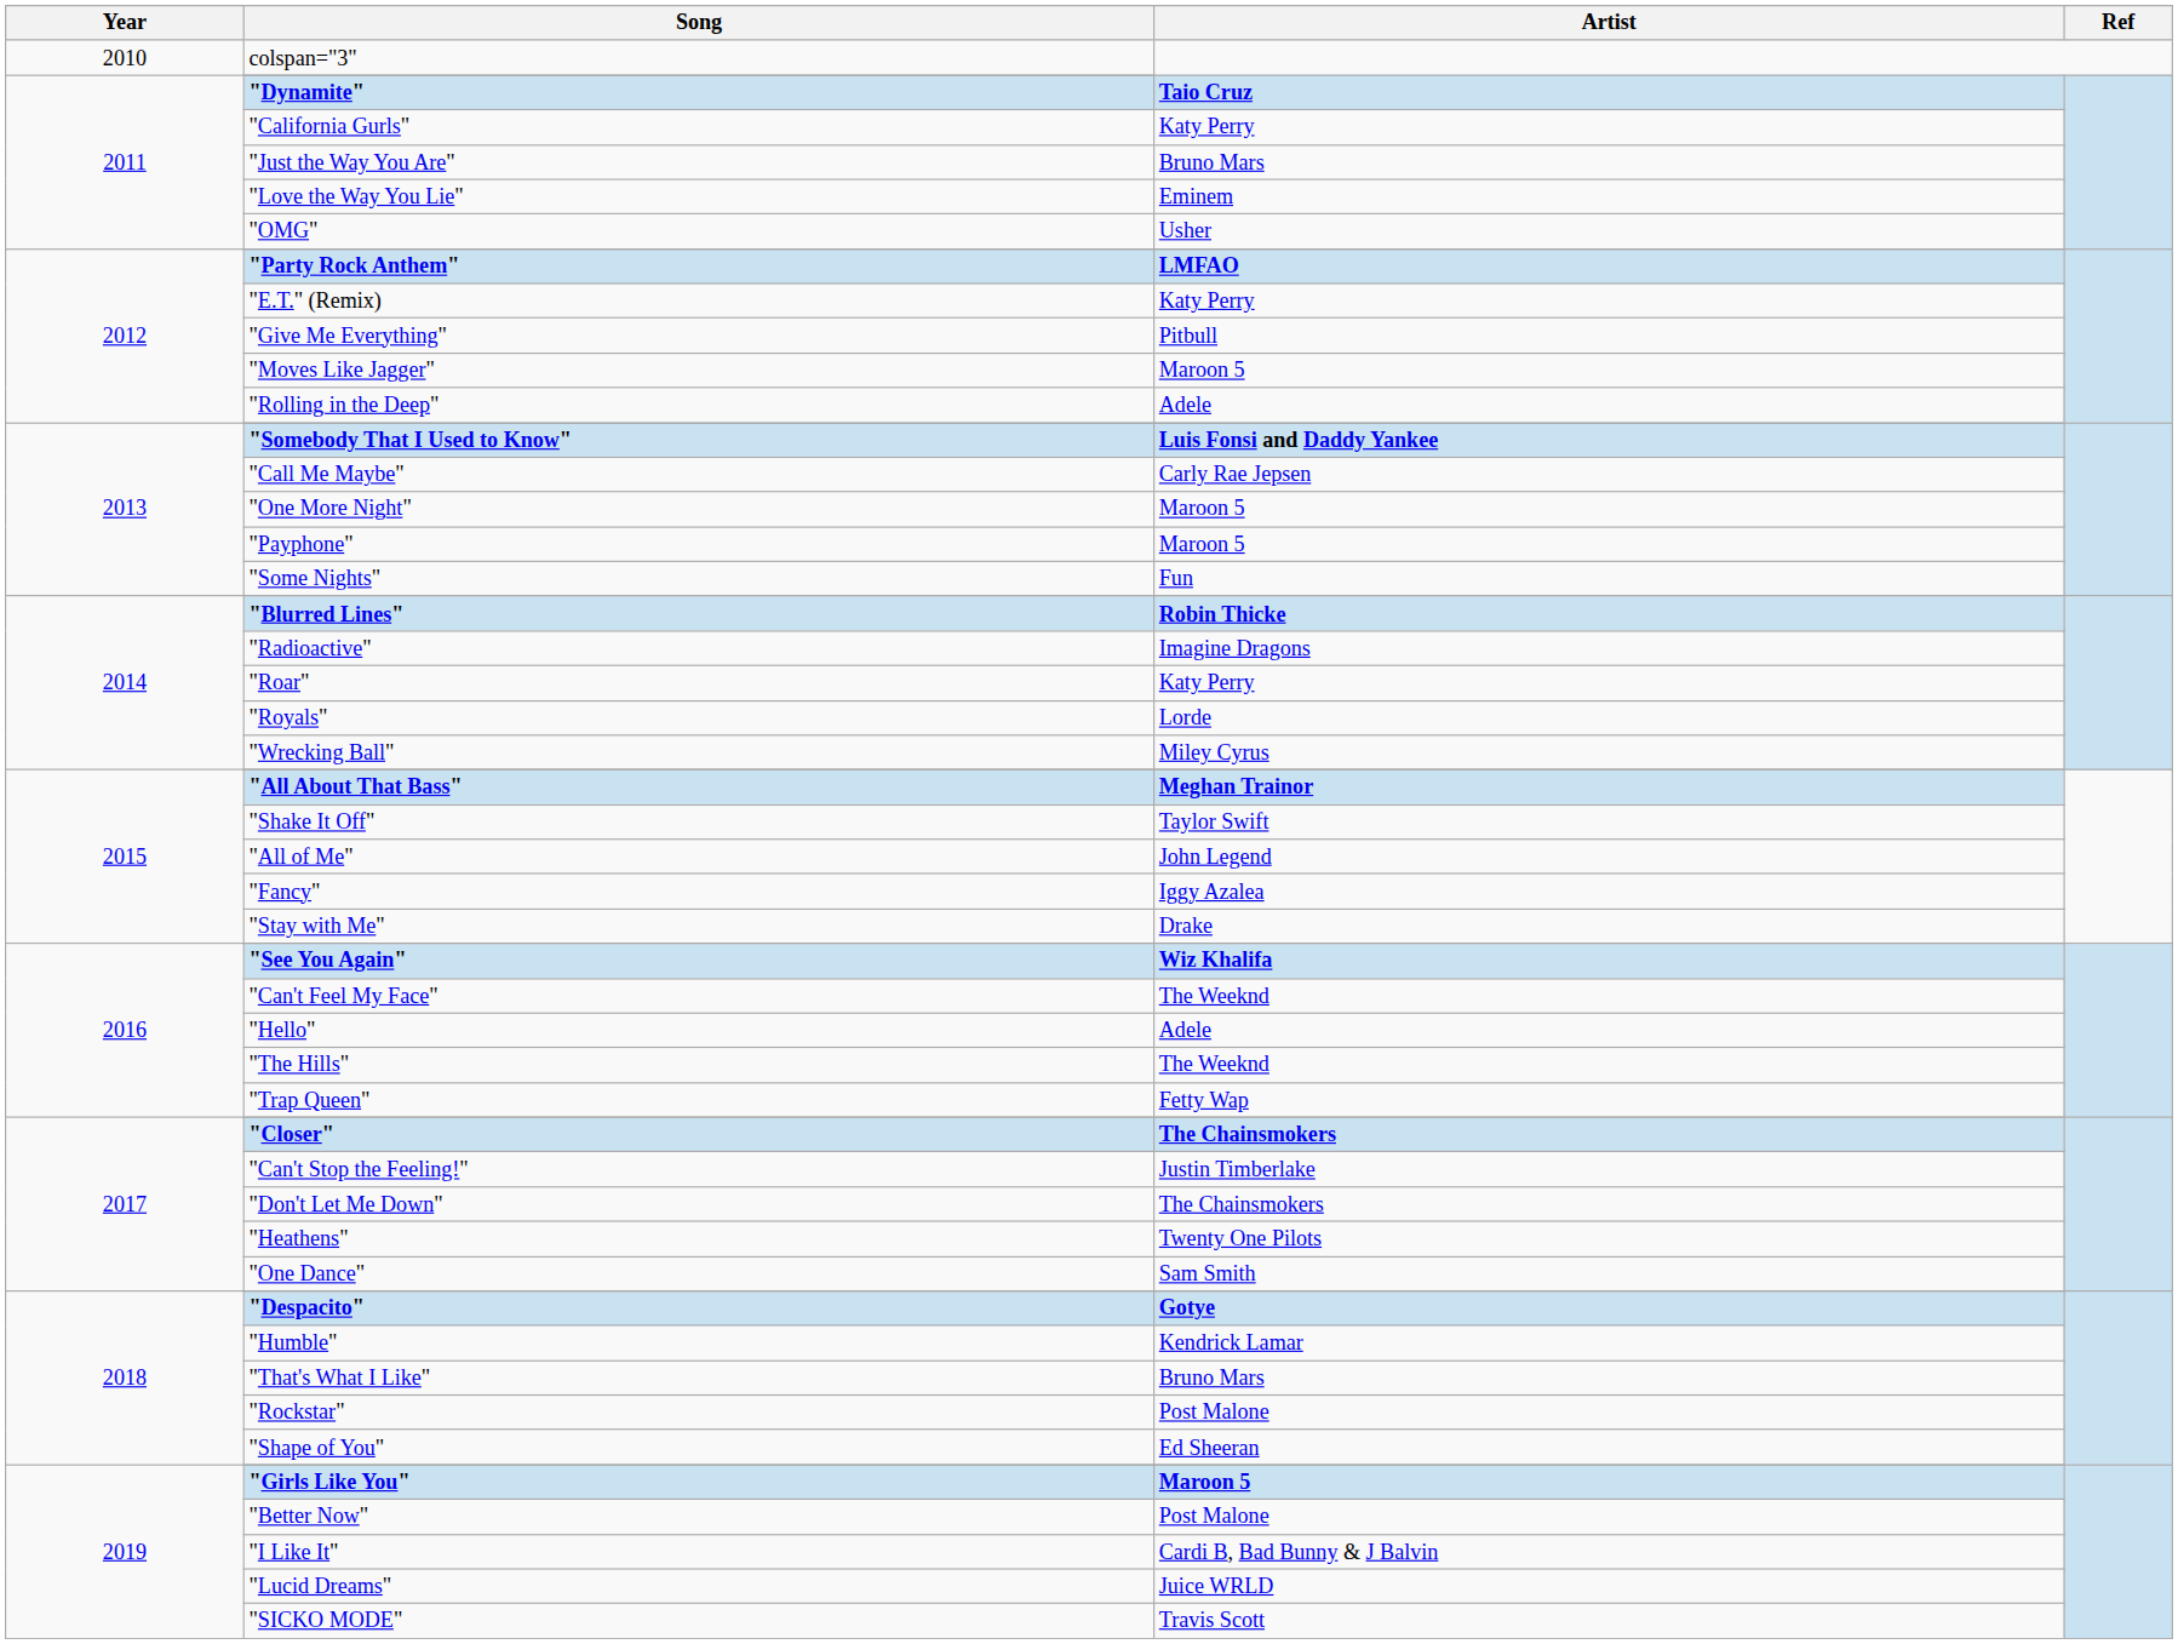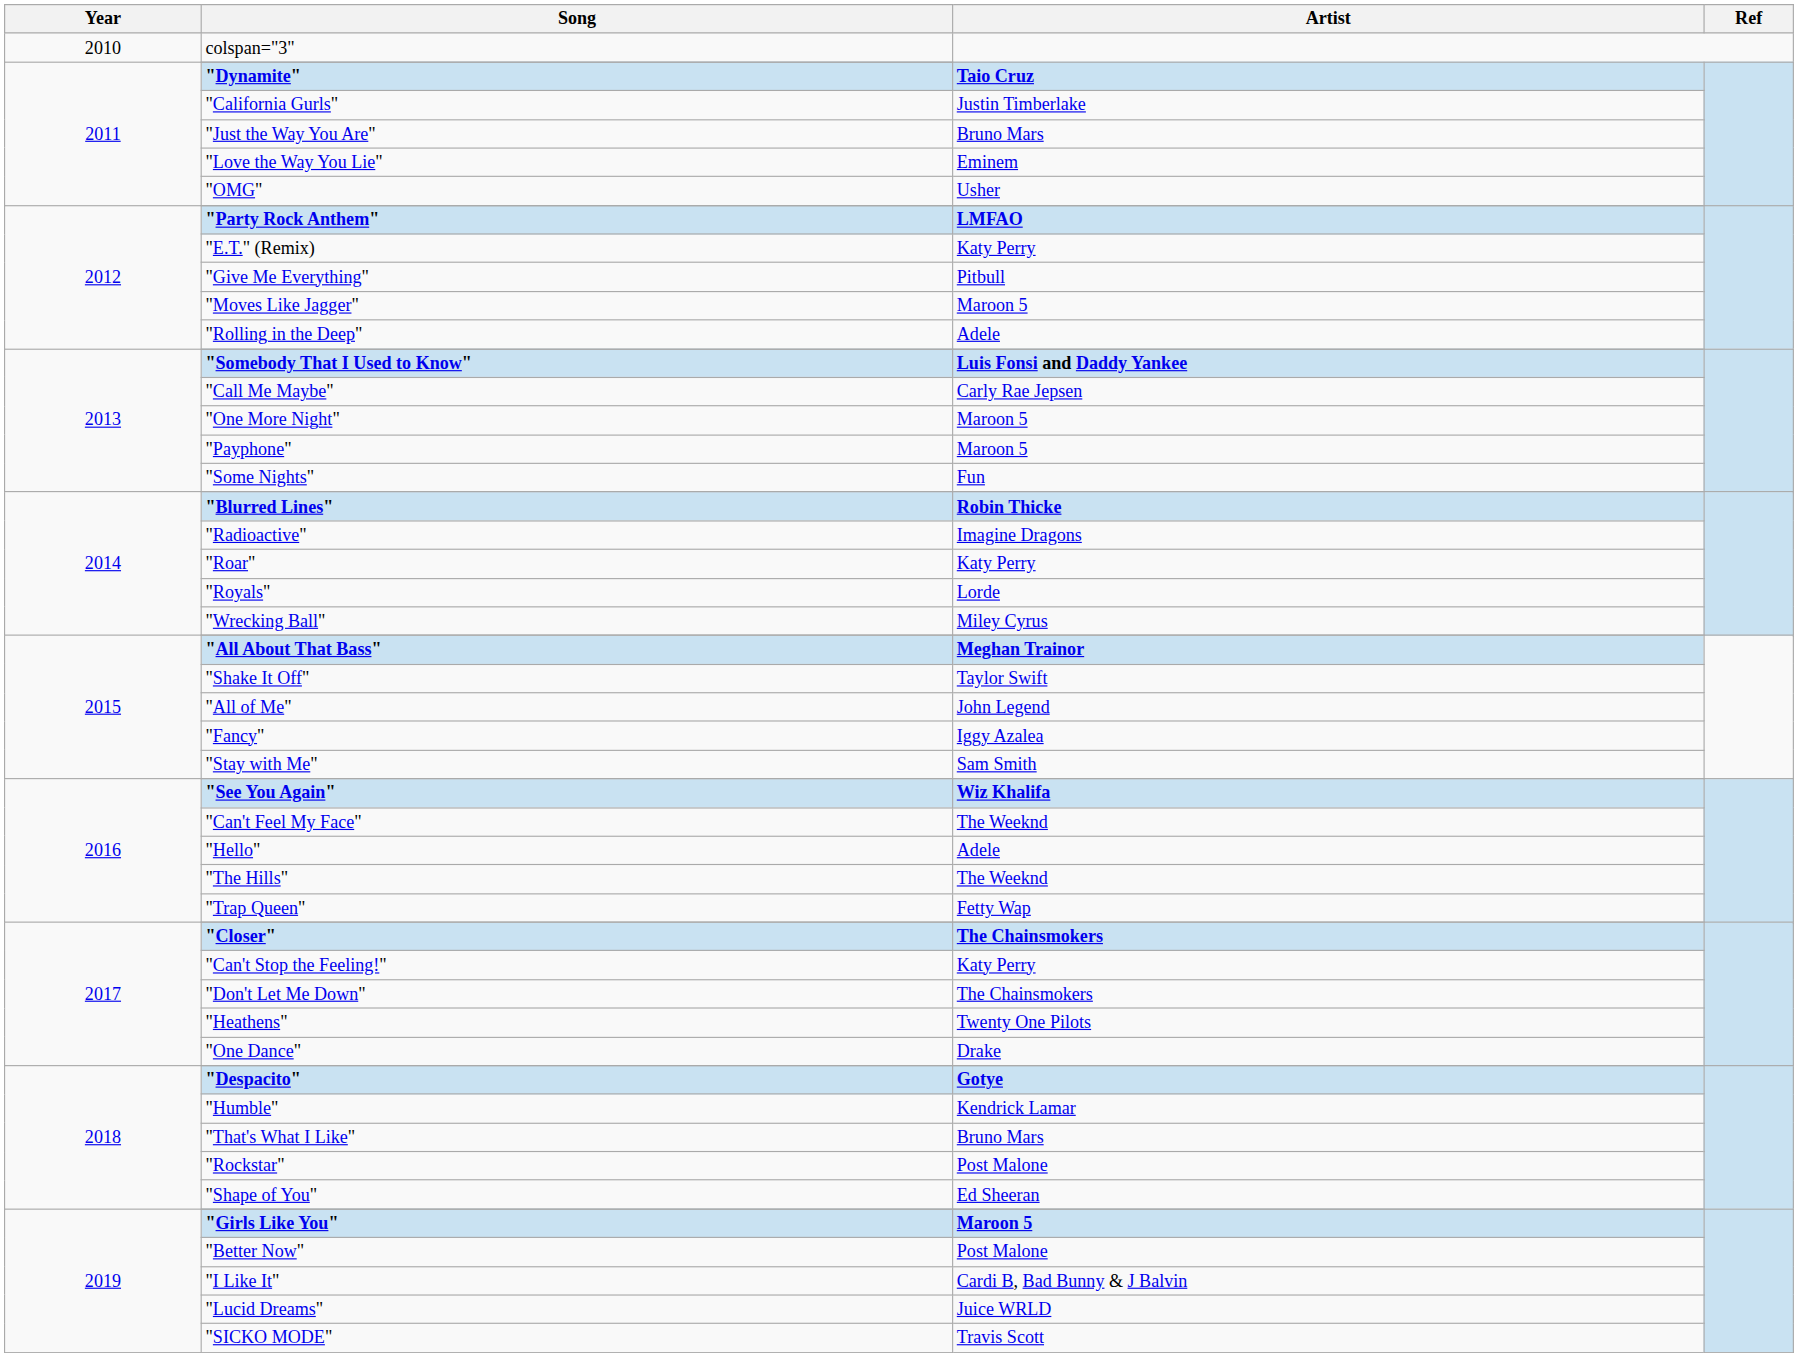 <table class="wikitable" style="width:100%;">
 <tr style="background:#bebebe;">
 <th style="width:11%;">Year</th>
 <th style="width:42%;">Song</th>
 <th style="width:42%;">Artist</th>
 <th style="width:5%;">Ref</th>
 </tr>
 <tr>
 <td align="center">2010</td>
 <td>colspan="3" </td>
 </tr>
 <tr>
 <td rowspan="6" align="center"><a href='#'>2011</a></td>
 </tr>
 <tr style="background:#c9e2f2">
 <td><strong>"<a href='#'>Dynamite</a>"</strong></td>
 <td><strong><a href='#'>Taio Cruz</a></strong></td>
 <td rowspan="6" align="center"></td>
 </tr>
 <tr>
 <td>"<a href='#'>California Gurls</a>"</td>
-<td><a href='#'>Katy Perry</a> </td>
+<td><a href='#'>Justin Timberlake</a></td>
 </tr>
 <tr>
 <td>"<a href='#'>Just the Way You Are</a>"</td>
 <td><a href='#'>Bruno Mars</a></td>
 </tr>
 <tr>
 <td>"<a href='#'>Love the Way You Lie</a>"</td>
 <td><a href='#'>Eminem</a> </td>
 </tr>
 <tr>
 <td>"<a href='#'>OMG</a>"</td>
 <td><a href='#'>Usher</a> </td>
 </tr>
 <tr>
 <td rowspan="6" align="center"><a href='#'>2012</a></td>
 </tr>
 <tr style="background:#c9e2f2">
 <td><strong>"<a href='#'>Party Rock Anthem</a>"</strong></td>
 <td><strong><a href='#'>LMFAO</a> </strong></td>
 <td rowspan="6" align="center"></td>
 </tr>
 <tr>
 <td>"<a href='#'>E.T.</a>" (Remix)</td>
 <td><a href='#'>Katy Perry</a> </td>
 </tr>
 <tr>
 <td>"<a href='#'>Give Me Everything</a>"</td>
 <td><a href='#'>Pitbull</a> </td>
 </tr>
 <tr>
 <td>"<a href='#'>Moves Like Jagger</a>"</td>
 <td><a href='#'>Maroon 5</a> </td>
 </tr>
 <tr>
 <td>"<a href='#'>Rolling in the Deep</a>"</td>
 <td><a href='#'>Adele</a></td>
 </tr>
 <tr>
 <td rowspan="6" align="center"><a href='#'>2013</a></td>
 </tr>
 <tr style="background:#c9e2f2">
 <td><strong>"<a href='#'>Somebody That I Used to Know</a>"</strong></td>
 <td><strong><a href='#'>Luis Fonsi</a> and <a href='#'>Daddy Yankee</a> </strong></td>
 <td rowspan="6" align="center"></td>
 </tr>
 <tr>
 <td>"<a href='#'>Call Me Maybe</a>"</td>
 <td><a href='#'>Carly Rae Jepsen</a></td>
 </tr>
 <tr>
 <td>"<a href='#'>One More Night</a>"</td>
 <td><a href='#'>Maroon 5</a></td>
 </tr>
 <tr>
 <td>"<a href='#'>Payphone</a>"</td>
 <td><a href='#'>Maroon 5</a> </td>
 </tr>
 <tr>
 <td>"<a href='#'>Some Nights</a>"</td>
 <td><a href='#'>Fun</a></td>
 </tr>
 <tr>
 <td rowspan="6" align="center"><a href='#'>2014</a></td>
 </tr>
 <tr style="background:#c9e2f2">
 <td><strong>"<a href='#'>Blurred Lines</a>"</strong></td>
 <td><strong><a href='#'>Robin Thicke</a> </strong></td>
 <td rowspan="6" align="center"></td>
 </tr>
 <tr>
 <td>"<a href='#'>Radioactive</a>"</td>
 <td><a href='#'>Imagine Dragons</a></td>
 </tr>
 <tr>
 <td>"<a href='#'>Roar</a>"</td>
 <td><a href='#'>Katy Perry</a></td>
 </tr>
 <tr>
 <td>"<a href='#'>Royals</a>"</td>
 <td><a href='#'>Lorde</a></td>
 </tr>
 <tr>
 <td>"<a href='#'>Wrecking Ball</a>"</td>
 <td><a href='#'>Miley Cyrus</a></td>
 </tr>
 <tr>
 <td rowspan="6" align="center"><a href='#'>2015</a></td>
 </tr>
 <tr style="background:#c9e2f2">
 <td><strong>"<a href='#'>All About That Bass</a>"</strong></td>
 <td><strong><a href='#'>Meghan Trainor</a></strong></td>
 </tr>
 <tr>
 <td>"<a href='#'>Shake It Off</a>"</td>
 <td><a href='#'>Taylor Swift</a></td>
 </tr>
 <tr>
 <td>"<a href='#'>All of Me</a>"</td>
 <td><a href='#'>John Legend</a></td>
 </tr>
 <tr>
 <td>"<a href='#'>Fancy</a>"</td>
 <td><a href='#'>Iggy Azalea</a> </td>
 </tr>
 <tr>
 <td>"<a href='#'>Stay with Me</a>"</td>
-<td><a href='#'>Drake</a> </td>
+<td><a href='#'>Sam Smith</a></td>
 </tr>
 <tr>
 <td rowspan="6" align="center"><a href='#'>2016</a></td>
 </tr>
 <tr style="background:#c9e2f2">
 <td><strong>"<a href='#'>See You Again</a>"</strong></td>
 <td><strong><a href='#'>Wiz Khalifa</a> </strong></td>
 <td rowspan="6" align="center"></td>
 </tr>
 <tr>
 <td>"<a href='#'>Can't Feel My Face</a>"</td>
 <td><a href='#'>The Weeknd</a></td>
 </tr>
 <tr>
 <td>"<a href='#'>Hello</a>"</td>
 <td><a href='#'>Adele</a></td>
 </tr>
 <tr>
 <td>"<a href='#'>The Hills</a>"</td>
 <td><a href='#'>The Weeknd</a></td>
 </tr>
 <tr>
 <td>"<a href='#'>Trap Queen</a>"</td>
 <td><a href='#'>Fetty Wap</a></td>
 </tr>
 <tr>
 <td rowspan="6" align="center"><a href='#'>2017</a></td>
 </tr>
 <tr style="background:#c9e2f2">
 <td><strong>"<a href='#'>Closer</a>"</strong></td>
 <td><strong><a href='#'>The Chainsmokers</a> </strong></td>
 <td rowspan="6" align="center"></td>
 </tr>
 <tr>
 <td>"<a href='#'>Can't Stop the Feeling!</a>"</td>
-<td><a href='#'>Justin Timberlake</a></td>
+<td><a href='#'>Katy Perry</a> </td>
 </tr>
 <tr>
 <td>"<a href='#'>Don't Let Me Down</a>"</td>
 <td><a href='#'>The Chainsmokers</a> </td>
 </tr>
 <tr>
 <td>"<a href='#'>Heathens</a>"</td>
 <td><a href='#'>Twenty One Pilots</a></td>
 </tr>
 <tr>
 <td>"<a href='#'>One Dance</a>"</td>
-<td><a href='#'>Sam Smith</a></td>
+<td><a href='#'>Drake</a> </td>
 </tr>
 <tr>
 <td rowspan="6" align="center"><a href='#'>2018</a></td>
 </tr>
 <tr style="background:#c9e2f2">
 <td><strong>"<a href='#'>Despacito</a>"</strong></td>
 <td><strong><a href='#'>Gotye</a> </strong></td>
 <td rowspan="6" align="center"></td>
 </tr>
 <tr>
 <td>"<a href='#'>Humble</a>"</td>
 <td><a href='#'>Kendrick Lamar</a></td>
 </tr>
 <tr>
 <td>"<a href='#'>That's What I Like</a>"</td>
 <td><a href='#'>Bruno Mars</a></td>
 </tr>
 <tr>
 <td>"<a href='#'>Rockstar</a>"</td>
 <td><a href='#'>Post Malone</a> </td>
 </tr>
 <tr>
 <td>"<a href='#'>Shape of You</a>"</td>
 <td><a href='#'>Ed Sheeran</a></td>
 </tr>
 <tr>
 <td rowspan="6" align="center"><a href='#'>2019</a></td>
 </tr>
 <tr style="background:#c9e2f2">
 <td><strong>"<a href='#'>Girls Like You</a>"</strong></td>
 <td><strong><a href='#'>Maroon 5</a> </strong></td>
 <td rowspan="6" align="center"></td>
 </tr>
 <tr>
 <td>"<a href='#'>Better Now</a>"</td>
 <td><a href='#'>Post Malone</a></td>
 </tr>
 <tr>
 <td>"<a href='#'>I Like It</a>"</td>
 <td><a href='#'>Cardi B</a>, <a href='#'>Bad Bunny</a> & <a href='#'>J Balvin</a></td>
 </tr>
 <tr>
 <td>"<a href='#'>Lucid Dreams</a>"</td>
 <td><a href='#'>Juice WRLD</a></td>
 </tr>
 <tr>
 <td>"<a href='#'>SICKO MODE</a>"</td>
 <td><a href='#'>Travis Scott</a></td>
 </tr>
 </table>
